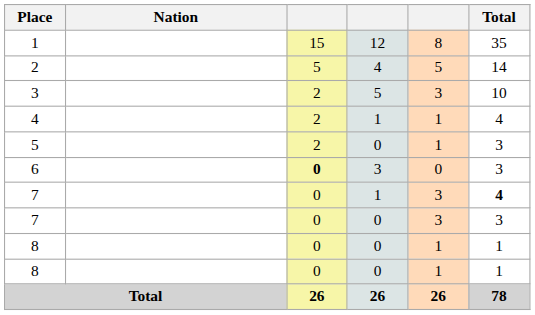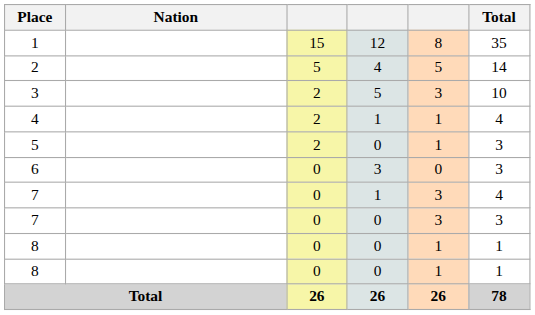 <table class=wikitable style="border:1px solid #AAAAAA;font-size:90%">
 <tr bgcolor="#EFEFEF">
 <th width=50>Place</th>
 <th width=200>Nation</th>
 <th width=50></th>
 <th width=50></th>
 <th width=50></th>
 <th width=50>Total</th>
 </tr>
 <tr align="center" valign="top" bgcolor="#FFFFFF">
 <td>1</td>
 <td align="left"></td>
 <td style="background:#F7F6A8;">15</td>
 <td style="background:#DCE5E5;">12</td>
 <td style="background:#FFDAB9;">8</td>
 <td>35</td>
 </tr>
 <tr align="center" valign="top" bgcolor="#FFFFFF">
 <td>2</td>
 <td align="left"></td>
 <td style="background:#F7F6A8;">5</td>
 <td style="background:#DCE5E5;">4</td>
 <td style="background:#FFDAB9;">5</td>
 <td>14</td>
 </tr>
 <tr align="center" valign="top" bgcolor="#FFFFFF">
 <td>3</td>
 <td align="left"></td>
 <td style="background:#F7F6A8;">2</td>
 <td style="background:#DCE5E5;">5</td>
 <td style="background:#FFDAB9;">3</td>
 <td>10</td>
 </tr>
 <tr align="center" valign="top" bgcolor="#FFFFFF">
 <td>4</td>
 <td align="left"></td>
 <td style="background:#F7F6A8;">2</td>
 <td style="background:#DCE5E5;">1</td>
 <td style="background:#FFDAB9;">1</td>
 <td>4</td>
 </tr>
 <tr align="center" valign="top" bgcolor="#FFFFFF">
 <td>5</td>
 <td align="left"></td>
 <td style="background:#F7F6A8;">2</td>
 <td style="background:#DCE5E5;">0</td>
 <td style="background:#FFDAB9;">1</td>
 <td>3</td>
 </tr>
 <tr align="center" valign="top" bgcolor="#FFFFFF">
 <td>6</td>
 <td align="left"></td>
-<td style="background:#F7F6A8;"><strong>0</strong></td>
+<td style="background:#F7F6A8;">0</td>
 <td style="background:#DCE5E5;">3</td>
 <td style="background:#FFDAB9;">0</td>
 <td>3</td>
 </tr>
 <tr align="center" valign="top" bgcolor="#FFFFFF">
 <td>7</td>
 <td align="left"></td>
 <td style="background:#F7F6A8;">0</td>
 <td style="background:#DCE5E5;">1</td>
 <td style="background:#FFDAB9;">3</td>
-<td><strong>4</strong></td>
+<td>4</td>
 </tr>
 <tr align="center" valign="top" bgcolor="#FFFFFF">
 <td>7</td>
 <td align="left"></td>
 <td style="background:#F7F6A8;">0</td>
 <td style="background:#DCE5E5;">0</td>
 <td style="background:#FFDAB9;">3</td>
 <td>3</td>
 </tr>
 <tr align="center" valign="top" bgcolor="#FFFFFF">
 <td>8</td>
 <td align="left"></td>
 <td style="background:#F7F6A8;">0</td>
 <td style="background:#DCE5E5;">0</td>
 <td style="background:#FFDAB9;">1</td>
 <td>1</td>
 </tr>
 <tr align="center" valign="top" bgcolor="#FFFFFF">
 <td>8</td>
 <td align="left"></td>
 <td style="background:#F7F6A8;">0</td>
 <td style="background:#DCE5E5;">0</td>
 <td style="background:#FFDAB9;">1</td>
 <td>1</td>
 </tr>
 <tr align="center">
 <td colspan="2" bgcolor=D3D3D3><strong>Total</strong></td>
 <td style="background:#F7F6A8;"><strong>26</strong></td>
 <td style="background:#DCE5E5;"><strong>26</strong></td>
 <td style="background:#FFDAB9;"><strong>26</strong></td>
 <td bgcolor=D3D3D3><strong>78</strong></td>
 </tr>
 </table>
